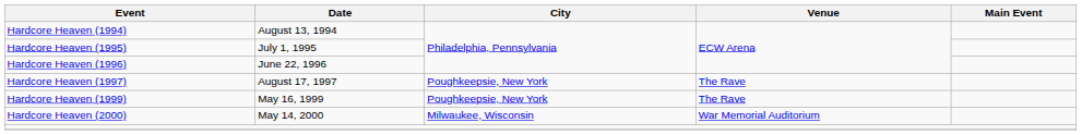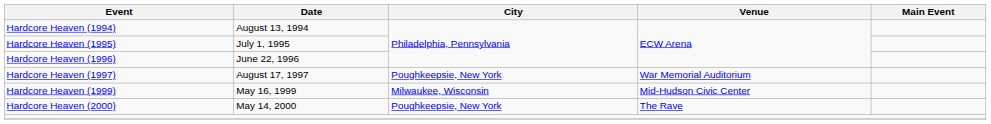 <table class="wikitable sortable" style="align: center" width=100%>
 <tr>
 <th>Event</th>
 <th>Date</th>
 <th>City</th>
 <th>Venue</th>
 <th>Main Event</th>
 </tr>
 <tr>
 <td><a href='#'>Hardcore Heaven (1994)</a></td>
 <td>August 13, 1994</td>
 <td rowspan="3"><a href='#'>Philadelphia, Pennsylvania</a></td>
 <td rowspan="3"><a href='#'>ECW Arena</a></td>
 <td></td>
 </tr>
 <tr>
 <td><a href='#'>Hardcore Heaven (1995)</a></td>
 <td>July 1, 1995</td>
 <td></td>
 </tr>
 <tr>
 <td><a href='#'>Hardcore Heaven (1996)</a></td>
 <td>June 22, 1996</td>
 <td></td>
 </tr>
 <tr>
 <td><a href='#'>Hardcore Heaven (1997)</a></td>
 <td>August 17, 1997</td>
 <td><a href='#'>Poughkeepsie, New York</a></td>
-<td><a href='#'>The Rave</a></td>
+<td><a href='#'>War Memorial Auditorium</a></td>
 <td></td>
 </tr>
 <tr>
 <td><a href='#'>Hardcore Heaven (1999)</a></td>
 <td>May 16, 1999</td>
-<td><a href='#'>Poughkeepsie, New York</a></td>
-<td><a href='#'>The Rave</a></td>
+<td><a href='#'>Milwaukee, Wisconsin</a></td>
+<td><a href='#'>Mid-Hudson Civic Center</a></td>
 <td></td>
 </tr>
 <tr>
 <td><a href='#'>Hardcore Heaven (2000)</a></td>
 <td>May 14, 2000</td>
-<td><a href='#'>Milwaukee, Wisconsin</a></td>
-<td><a href='#'>War Memorial Auditorium</a></td>
+<td><a href='#'>Poughkeepsie, New York</a></td>
+<td><a href='#'>The Rave</a></td>
 <td></td>
 </tr>
 <tr>
 <td colspan="10"></td>
 </tr>
 <tr>
 </tr>
 </table>
